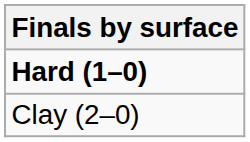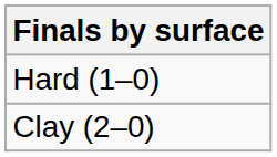 <table class=wikitable style=font-size:90%>
 <tr>
 <th>Finals by surface</th>
 </tr>
 <tr>
-<td><strong>Hard (1–0)</strong></td>
+<td>Hard (1–0)</td>
 </tr>
 <tr>
 <td>Clay (2–0)</td>
 </tr>
 </table>
